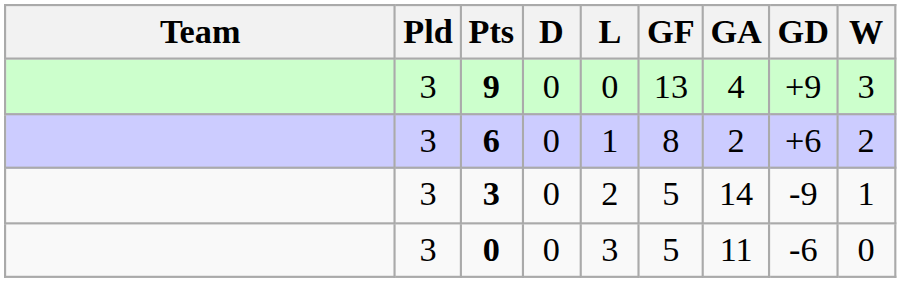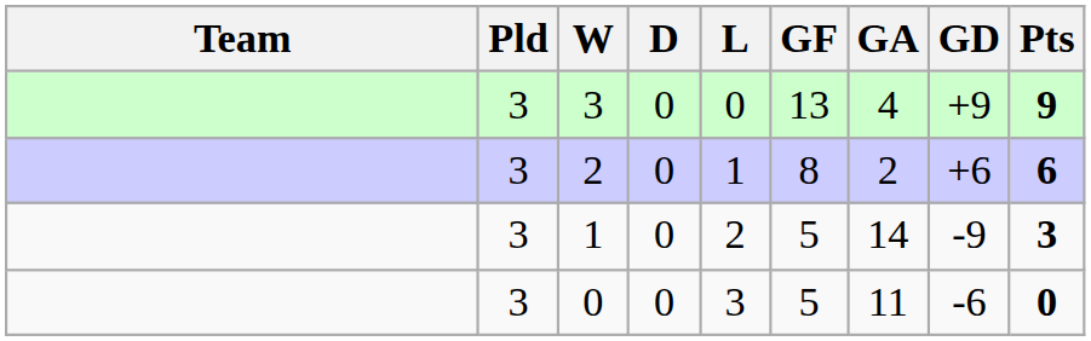 <table class="wikitable" style="text-align: center;">
 <tr>
 <th style="width:175px;">Team</th>
 <th width="20">Pld</th>
-<th width="20">Pts</th>
+<th width="20">W</th>
 <th width="20">D</th>
 <th width="20">L</th>
 <th width="20">GF</th>
 <th width="20">GA</th>
 <th width="20">GD</th>
-<th width="20">W</th>
+<th width="20">Pts</th>
 </tr>
 <tr style="background:#cfc;">
 <td style="text-align:left;"></td>
 <td>3</td>
-<td><strong>9</strong></td>
+<td>3</td>
 <td>0</td>
 <td>0</td>
 <td>13</td>
 <td>4</td>
 <td>+9</td>
-<td>3</td>
+<td><strong>9</strong></td>
 </tr>
 <tr style="background:#ccf;">
 <td style="text-align:left;"></td>
 <td>3</td>
-<td><strong>6</strong></td>
+<td>2</td>
 <td>0</td>
 <td>1</td>
 <td>8</td>
 <td>2</td>
 <td>+6</td>
-<td>2</td>
+<td><strong>6</strong></td>
 </tr>
 <tr>
 <td style="text-align:left;"></td>
 <td>3</td>
-<td><strong>3</strong></td>
+<td>1</td>
 <td>0</td>
 <td>2</td>
 <td>5</td>
 <td>14</td>
 <td>-9</td>
-<td>1</td>
+<td><strong>3</strong></td>
 </tr>
 <tr>
 <td style="text-align:left;"></td>
 <td>3</td>
-<td><strong>0</strong></td>
+<td>0</td>
 <td>0</td>
 <td>3</td>
 <td>5</td>
 <td>11</td>
 <td>-6</td>
-<td>0</td>
+<td><strong>0</strong></td>
 </tr>
 </table>
